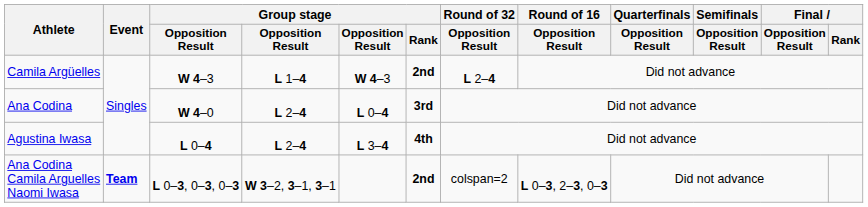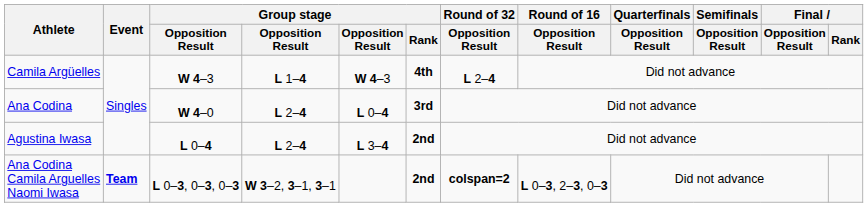 <table class="wikitable" style="font-size:90%">
 <tr>
 <th rowspan=2>Athlete</th>
 <th rowspan=2>Event</th>
 <th colspan=4>Group stage</th>
 <th>Round of 32</th>
 <th>Round of 16</th>
 <th>Quarterfinals</th>
 <th>Semifinals</th>
 <th colspan=2>Final / </th>
 </tr>
 <tr style="font-size:95%">
 <th>Opposition<br>Result</th>
 <th>Opposition<br>Result</th>
 <th>Opposition<br>Result</th>
 <th>Rank</th>
 <th>Opposition<br>Result</th>
 <th>Opposition<br>Result</th>
 <th>Opposition<br>Result</th>
 <th>Opposition<br>Result</th>
 <th>Opposition<br>Result</th>
 <th>Rank</th>
 </tr>
 <tr align=center>
 <td align=left><a href='#'>Camila Argüelles</a></td>
 <td align=left rowspan=3><a href='#'>Singles</a></td>
 <td><br><strong>W</strong> <strong>4</strong>–3</td>
 <td><br><strong>L</strong> 1–<strong>4</strong></td>
 <td><br><strong>W</strong> <strong>4</strong>–3</td>
-<td><strong>2nd</strong></td>
+<td><strong>4th</strong></td>
 <td><br><strong>L</strong> 2–<strong>4</strong></td>
 <td colspan=5>Did not advance</td>
 </tr>
 <tr align=center>
 <td align=left><a href='#'>Ana Codina</a></td>
 <td><br><strong>W</strong> <strong>4</strong>–0</td>
 <td><br><strong>L</strong> 2–<strong>4</strong></td>
 <td><br><strong>L</strong> 0–<strong>4</strong></td>
 <td><strong>3rd</strong></td>
 <td colspan=6>Did not advance</td>
 </tr>
 <tr align=center>
 <td align=left><a href='#'>Agustina Iwasa</a></td>
 <td><br><strong>L</strong> 0–<strong>4</strong></td>
 <td><br><strong>L</strong> 2–<strong>4</strong></td>
 <td><br><strong>L</strong> 3–<strong>4</strong></td>
-<td><strong>4th</strong></td>
+<td><strong>2nd</strong></td>
 <td colspan=6>Did not advance</td>
 </tr>
 <tr align=center>
 <td align=left><a href='#'>Ana Codina</a><br><a href='#'>Camila Arguelles</a><br><a href='#'>Naomi Iwasa</a></td>
 <td align=left><strong><a href='#'>Team</a></strong></td>
 <td><br><strong>L</strong> 0–<strong>3</strong>, 0–<strong>3</strong>, 0–<strong>3</strong></td>
 <td><br><strong>W</strong> <strong>3</strong>–2, <strong>3</strong>–1, <strong>3</strong>–1</td>
 <td></td>
 <td><strong>2nd</strong></td>
-<td>colspan=2 </td>
+<td><strong>colspan=2 </strong></td>
 <td><br><strong>L</strong> 0–<strong>3</strong>, 2–<strong>3</strong>, 0–<strong>3</strong></td>
 <td colspan=3>Did not advance</td>
 </tr>
 </table>
